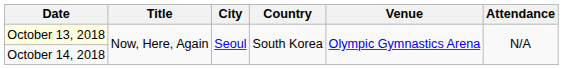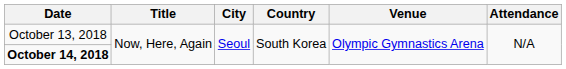 <table class="wikitable" style="text-align:center;">
 <tr>
 <th>Date</th>
 <th>Title</th>
 <th>City</th>
 <th>Country</th>
 <th>Venue</th>
 <th>Attendance</th>
 </tr>
 <tr>
-<td style="background: lightyellow;">October 13, 2018</td>
+<td>October 13, 2018</td>
 <td rowspan=7>Now, Here, Again</td>
 <td rowspan=2><a href='#'>Seoul</a></td>
 <td rowspan=7>South Korea</td>
 <td rowspan=2><a href='#'>Olympic Gymnastics Arena</a></td>
 <td rowspan=2>N/A</td>
 </tr>
 <tr>
-<td>October 14, 2018</td>
+<td><strong>October 14, 2018</strong></td>
 </tr>
 </table>
